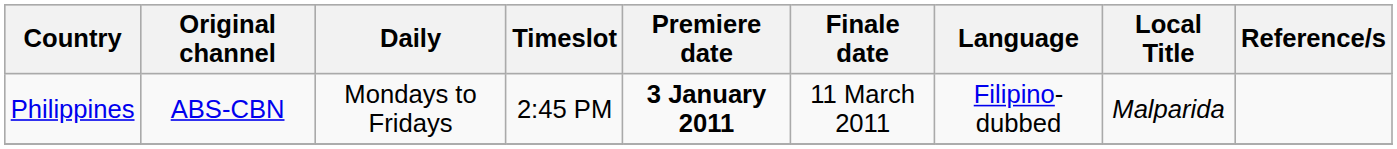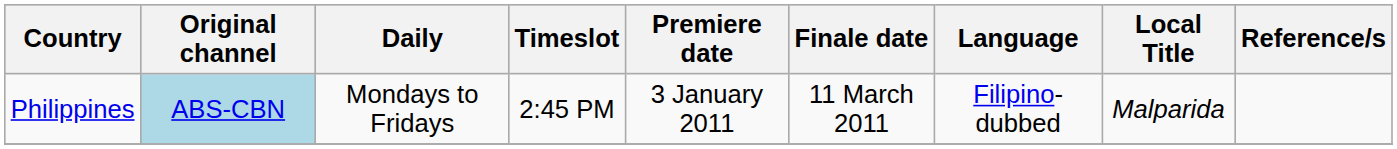 <table class="wikitable">
 <tr style="background: #e0e0e0;">
 <th>Country</th>
 <th>Original channel</th>
 <th>Daily</th>
 <th>Timeslot</th>
 <th>Premiere date</th>
 <th>Finale date</th>
 <th>Language</th>
 <th>Local Title</th>
 <th>Reference/s</th>
 </tr>
 <tr>
 <td style="text-align: center;"> <a href='#'>Philippines</a></td>
-<td style="text-align: center;"><a href='#'>ABS-CBN</a></td>
+<td style="background: lightblue; text-align: center;"><a href='#'>ABS-CBN</a></td>
 <td style="text-align: center;">Mondays to Fridays</td>
 <td style="text-align: center;">2:45 PM</td>
-<td style="text-align: center;"><strong>3 January 2011</strong></td>
+<td style="text-align: center;">3 January 2011</td>
 <td style="text-align: center;">11 March 2011</td>
 <td style="text-align: center;"><a href='#'>Filipino</a>-dubbed</td>
 <td style="text-align: center;"><em>Malparida</em></td>
 <td style="text-align: center;"></td>
 </tr>
 <tr>
 </tr>
 </table>
